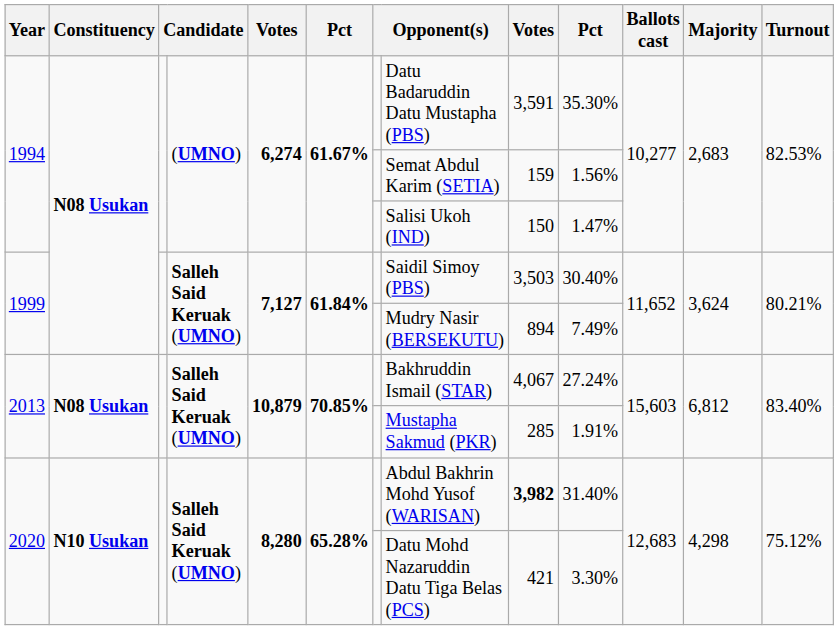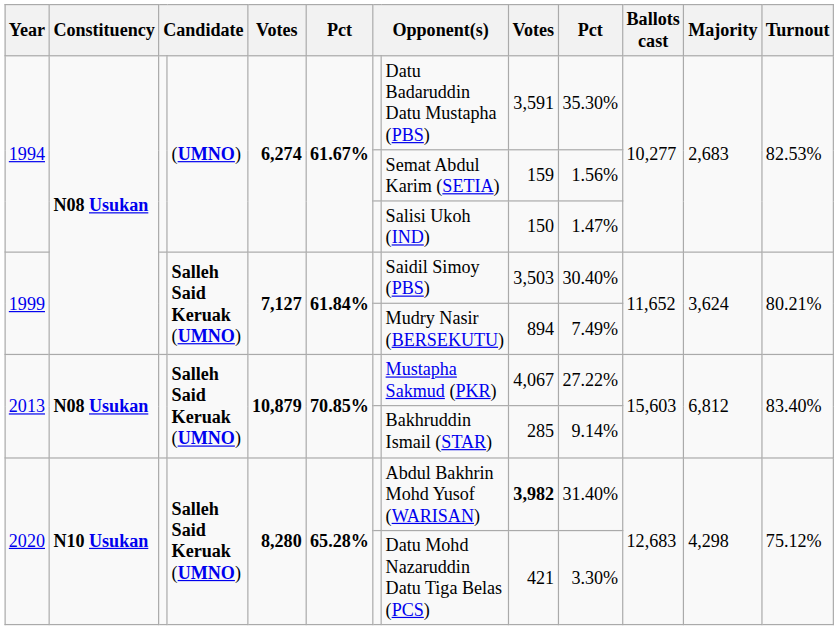 <table class="wikitable" style="margin:0.5em ; font-size:95%">
 <tr>
 <th>Year</th>
 <th>Constituency</th>
 <th colspan=2>Candidate</th>
 <th>Votes</th>
 <th>Pct</th>
 <th colspan=2>Opponent(s)</th>
 <th>Votes</th>
 <th>Pct</th>
 <th>Ballots cast</th>
 <th>Majority</th>
 <th>Turnout</th>
 </tr>
 <tr>
 <td rowspan=3><a href='#'>1994</a></td>
 <td rowspan=5><strong>N08 <a href='#'>Usukan</a></strong></td>
 <td rowspan=3 ></td>
 <td rowspan=3> (<a href='#'><strong>UMNO</strong></a>)</td>
 <td rowspan=3 align="right"><strong>6,274</strong></td>
 <td rowspan=3><strong>61.67%</strong></td>
 <td></td>
 <td>Datu Badaruddin Datu Mustapha (<a href='#'>PBS</a>)</td>
 <td align="right">3,591</td>
 <td>35.30%</td>
 <td rowspan=3>10,277</td>
 <td rowspan=3>2,683</td>
 <td rowspan=3>82.53%</td>
 </tr>
 <tr>
 <td></td>
 <td>Semat Abdul Karim (<a href='#'>SETIA</a>)</td>
 <td align="right">159</td>
 <td align="right">1.56%</td>
 </tr>
 <tr>
 <td></td>
 <td>Salisi Ukoh (<a href='#'>IND</a>)</td>
 <td align="right">150</td>
 <td align="right">1.47%</td>
 </tr>
 <tr>
 <td rowspan=2><a href='#'>1999</a></td>
 <td rowspan=2 ></td>
 <td rowspan=2><strong>Salleh Said Keruak</strong> (<a href='#'><strong>UMNO</strong></a>)</td>
 <td rowspan=2 align="right"><strong>7,127</strong></td>
 <td rowspan=2><strong>61.84%</strong></td>
 <td></td>
 <td>Saidil Simoy (<a href='#'>PBS</a>)</td>
 <td align="right">3,503</td>
 <td>30.40%</td>
 <td rowspan=2>11,652</td>
 <td rowspan=2>3,624</td>
 <td rowspan=2>80.21%</td>
 </tr>
 <tr>
 <td></td>
 <td>Mudry Nasir (<a href='#'>BERSEKUTU</a>)</td>
 <td align="right">894</td>
 <td align="right">7.49%</td>
 </tr>
 <tr>
 <td rowspan=2><a href='#'>2013</a></td>
 <td rowspan=2><strong>N08 <a href='#'>Usukan</a></strong></td>
 <td rowspan=2 ></td>
 <td rowspan=2><strong>Salleh Said Keruak</strong> (<a href='#'><strong>UMNO</strong></a>)</td>
 <td rowspan=2 align="right"><strong>10,879</strong></td>
 <td rowspan=2><strong>70.85%</strong></td>
 <td></td>
-<td>Bakhruddin Ismail (<a href='#'>STAR</a>)</td>
+<td><a href='#'>Mustapha Sakmud</a> (<a href='#'>PKR</a>)</td>
 <td align="right">4,067</td>
-<td>27.24%</td>
+<td>27.22%</td>
 <td rowspan=2>15,603</td>
 <td rowspan=2>6,812</td>
 <td rowspan=2>83.40%</td>
 </tr>
 <tr>
 <td></td>
-<td><a href='#'>Mustapha Sakmud</a> (<a href='#'>PKR</a>)</td>
+<td>Bakhruddin Ismail (<a href='#'>STAR</a>)</td>
 <td align="right">285</td>
-<td align="right">1.91%</td>
+<td align="right">9.14%</td>
 </tr>
 <tr>
 <td rowspan=2><a href='#'>2020</a></td>
 <td rowspan=2><strong>N10 <a href='#'>Usukan</a></strong></td>
 <td rowspan=2 ></td>
 <td rowspan=2><strong>Salleh Said Keruak</strong> (<a href='#'><strong>UMNO</strong></a>)</td>
 <td rowspan=2 align="right"><strong>8,280</strong></td>
 <td rowspan=2><strong>65.28%</strong></td>
 <td></td>
 <td>Abdul Bakhrin Mohd Yusof (<a href='#'>WARISAN</a>)</td>
 <td align="right"><strong>3,982</strong></td>
 <td>31.40%</td>
 <td rowspan=2>12,683</td>
 <td rowspan=2>4,298</td>
 <td rowspan=2>75.12%</td>
 </tr>
 <tr>
 <td></td>
 <td>Datu Mohd Nazaruddin Datu Tiga Belas (<a href='#'>PCS</a>)</td>
 <td align="right">421</td>
 <td align="right">3.30%</td>
 </tr>
 </table>
